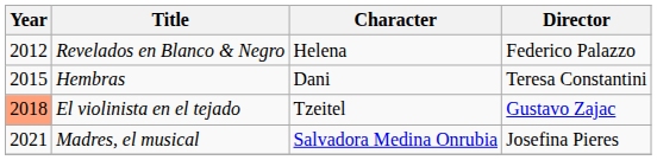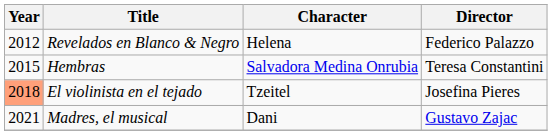 <table class="wikitable">
 <tr>
 <th>Year</th>
 <th>Title</th>
 <th>Character</th>
 <th>Director</th>
 </tr>
 <tr>
 <td>2012</td>
 <td><em>Revelados en Blanco & Negro</em></td>
 <td>Helena</td>
 <td>Federico Palazzo</td>
 </tr>
 <tr>
 <td>2015</td>
 <td><em>Hembras</em></td>
-<td>Dani</td>
+<td><a href='#'>Salvadora Medina Onrubia</a></td>
 <td>Teresa Constantini</td>
 </tr>
 <tr>
 <td style="background: lightsalmon;">2018</td>
 <td><em>El violinista en el tejado</em></td>
 <td>Tzeitel</td>
-<td><a href='#'>Gustavo Zajac</a></td>
+<td>Josefina Pieres</td>
 </tr>
 <tr>
 <td>2021</td>
 <td><em>Madres, el musical</em></td>
-<td><a href='#'>Salvadora Medina Onrubia</a></td>
-<td>Josefina Pieres</td>
+<td>Dani</td>
+<td><a href='#'>Gustavo Zajac</a></td>
 </tr>
 <tr>
 </tr>
 </table>
